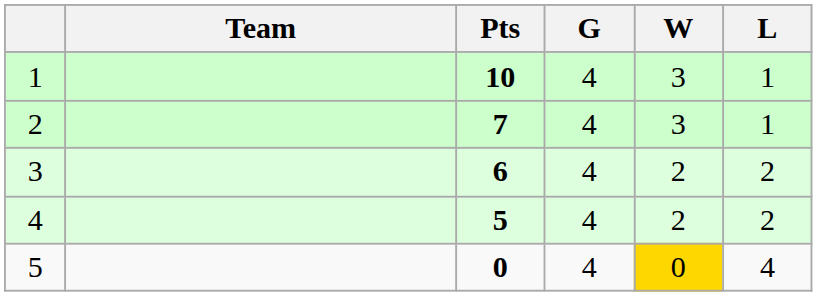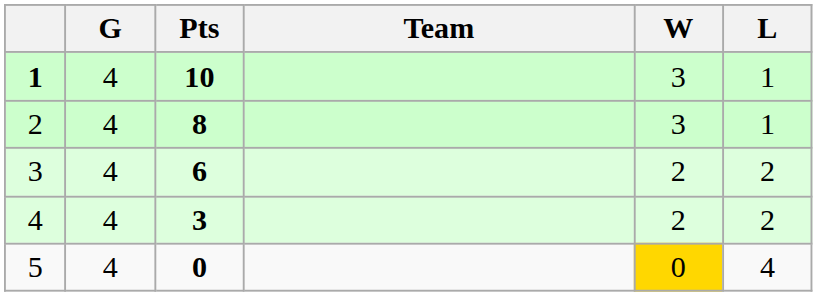 <table class=wikitable style="text-align:center">
 <tr bgcolor="#DCDCDC">
 <th width="25"></th>
+<th width="40">G</th>
+<th width="40">Pts</th>
 <th width="200">Team</th>
-<th width="40">Pts</th>
-<th width="40">G</th>
 <th width="40">W</th>
 <th width="40">L</th>
 </tr>
 <tr bgcolor=#CCFFCC>
-<td>1</td>
+<td><strong>1</strong></td>
+<td>4</td>
+<td><strong>10</strong></td>
 <td align=left></td>
-<td><strong>10</strong></td>
-<td>4</td>
 <td>3</td>
 <td>1</td>
 </tr>
 <tr bgcolor=#CCFFCC>
 <td>2</td>
+<td>4</td>
+<td><strong>8</strong></td>
 <td align=left></td>
-<td><strong>7</strong></td>
-<td>4</td>
 <td>3</td>
 <td>1</td>
 </tr>
 <tr bgcolor=#DDFFDD>
 <td>3</td>
+<td>4</td>
+<td><strong>6</strong></td>
 <td align=left></td>
-<td><strong>6</strong></td>
-<td>4</td>
 <td>2</td>
 <td>2</td>
 </tr>
 <tr bgcolor=#DDFFDD>
 <td>4</td>
+<td>4</td>
+<td><strong>3</strong></td>
 <td align=left></td>
-<td><strong>5</strong></td>
-<td>4</td>
 <td>2</td>
 <td>2</td>
 </tr>
 <tr>
 <td>5</td>
+<td>4</td>
+<td><strong>0</strong></td>
 <td align=left></td>
-<td><strong>0</strong></td>
-<td>4</td>
 <td style="background: gold;">0</td>
 <td>4</td>
 </tr>
 </table>
